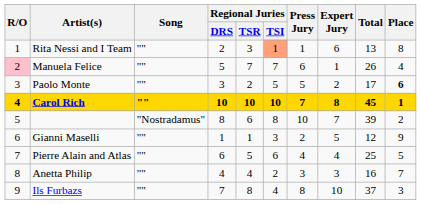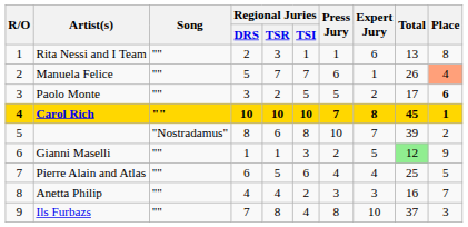 <table class="sortable wikitable" style="margin: 1em auto 1em auto; text-align:center">
 <tr>
 <th rowspan="2">R/O</th>
 <th rowspan="2">Artist(s)</th>
 <th rowspan="2">Song</th>
 <th colspan="3">Regional Juries</th>
 <th rowspan="2">Press<br>Jury</th>
 <th rowspan="2">Expert<br>Jury</th>
 <th rowspan="2">Total</th>
 <th rowspan="2">Place</th>
 </tr>
 <tr>
 <th><a href='#'>DRS</a></th>
 <th><a href='#'>TSR</a></th>
 <th><a href='#'>TSI</a></th>
 </tr>
 <tr>
 <td>1</td>
 <td align="left">Rita Nessi and I Team</td>
 <td align="left">""</td>
 <td>2</td>
 <td>3</td>
-<td style="background: lightsalmon;">1</td>
+<td>1</td>
 <td>1</td>
 <td>6</td>
 <td>13</td>
 <td>8</td>
 </tr>
 <tr>
-<td style="background: pink;">2</td>
+<td>2</td>
 <td align="left">Manuela Felice</td>
 <td align="left">""</td>
 <td>5</td>
 <td>7</td>
 <td>7</td>
 <td>6</td>
 <td>1</td>
 <td>26</td>
-<td>4</td>
+<td style="background: lightsalmon;">4</td>
 </tr>
 <tr>
 <td>3</td>
 <td align="left">Paolo Monte</td>
 <td align="left">""</td>
 <td>3</td>
 <td>2</td>
 <td>5</td>
 <td>5</td>
 <td>2</td>
 <td>17</td>
 <td><strong>6</strong></td>
 </tr>
 <tr style="font-weight:bold; background:gold;">
 <td>4</td>
 <td align="left"><a href='#'>Carol Rich</a></td>
 <td align="left">""</td>
 <td>10</td>
 <td>10</td>
 <td>10</td>
 <td>7</td>
 <td>8</td>
 <td>45</td>
 <td>1</td>
 </tr>
 <tr>
 <td>5</td>
 <td align="left"></td>
 <td align="left">"Nostradamus"</td>
 <td>8</td>
 <td>6</td>
 <td>8</td>
 <td>10</td>
 <td>7</td>
 <td>39</td>
 <td>2</td>
 </tr>
 <tr>
 <td>6</td>
 <td align="left">Gianni Maselli</td>
 <td align="left">""</td>
 <td>1</td>
 <td>1</td>
 <td>3</td>
 <td>2</td>
 <td>5</td>
-<td>12</td>
+<td style="background: lightgreen;">12</td>
 <td>9</td>
 </tr>
 <tr>
 <td>7</td>
 <td align="left">Pierre Alain and Atlas</td>
 <td align="left">""</td>
 <td>6</td>
 <td>5</td>
 <td>6</td>
 <td>4</td>
 <td>4</td>
 <td>25</td>
 <td>5</td>
 </tr>
 <tr>
 <td>8</td>
 <td align="left">Anetta Philip</td>
 <td align="left">""</td>
 <td>4</td>
 <td>4</td>
 <td>2</td>
 <td>3</td>
 <td>3</td>
 <td>16</td>
 <td>7</td>
 </tr>
 <tr>
 <td>9</td>
 <td align="left"><a href='#'>Ils Furbazs</a></td>
 <td align="left">""</td>
 <td>7</td>
 <td>8</td>
 <td>4</td>
 <td>8</td>
 <td>10</td>
 <td>37</td>
 <td>3</td>
 </tr>
 </table>
